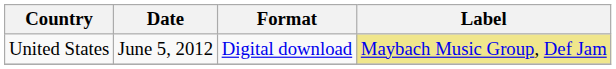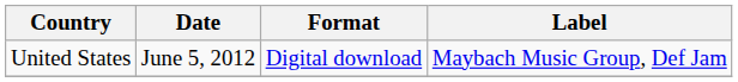 <table class="wikitable">
 <tr>
 <th>Country</th>
 <th>Date</th>
 <th>Format</th>
 <th>Label</th>
 </tr>
 <tr>
 <td>United States</td>
 <td>June 5, 2012</td>
 <td><a href='#'>Digital download</a></td>
-<td style="background: khaki;"><a href='#'>Maybach Music Group</a>, <a href='#'>Def Jam</a></td>
+<td><a href='#'>Maybach Music Group</a>, <a href='#'>Def Jam</a></td>
 </tr>
 <tr>
 </tr>
 </table>
